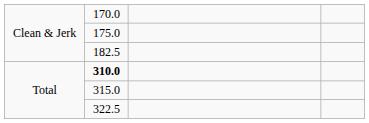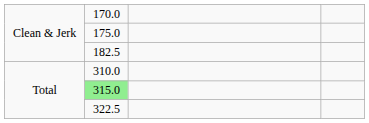 <table class = "wikitable" style="text-align:center;">
 <tr>
 <td rowspan=3 width=100>Clean & Jerk</td>
 <td width=50>170.0</td>
 <td width=250 align=left></td>
 <td width=50></td>
 </tr>
 <tr>
 <td>175.0</td>
 <td align=left></td>
 <td></td>
 </tr>
 <tr>
 <td>182.5</td>
 <td align=left></td>
 <td></td>
 </tr>
 <tr>
 <td rowspan=3>Total</td>
-<td><strong>310.0</strong></td>
+<td>310.0</td>
 <td align=left></td>
 <td></td>
 </tr>
 <tr>
-<td>315.0</td>
+<td style="background: lightgreen;">315.0</td>
 <td align=left></td>
 <td></td>
 </tr>
 <tr>
 <td>322.5</td>
 <td align=left></td>
 <td></td>
 </tr>
 </table>
